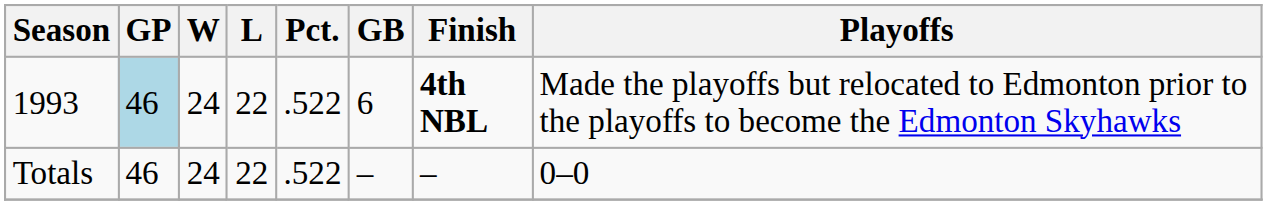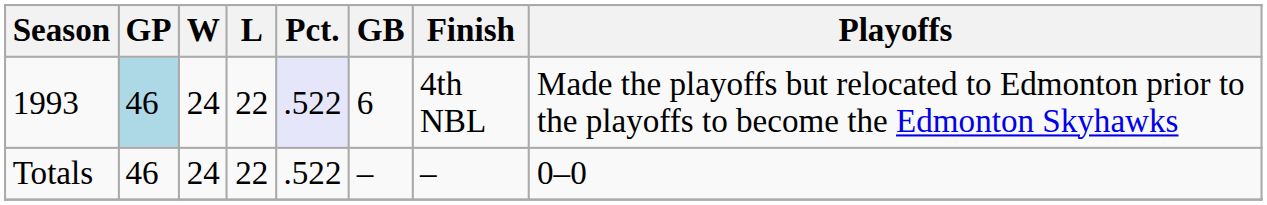 <table class="wikitable">
 <tr>
 <th>Season</th>
 <th>GP</th>
 <th>W</th>
 <th>L</th>
 <th>Pct.</th>
 <th>GB</th>
 <th>Finish</th>
 <th>Playoffs</th>
 </tr>
 <tr>
 <td>1993</td>
 <td style="background: lightblue;">46</td>
 <td>24</td>
 <td>22</td>
-<td>.522</td>
+<td style="background: lavender;">.522</td>
 <td>6</td>
-<td><strong>4th NBL</strong></td>
+<td>4th NBL</td>
 <td>Made the playoffs but relocated to Edmonton prior to the playoffs to become the <a href='#'>Edmonton Skyhawks</a></td>
 </tr>
 <tr>
 <td>Totals</td>
 <td>46</td>
 <td>24</td>
 <td>22</td>
 <td>.522</td>
 <td>–</td>
 <td>–</td>
 <td>0–0</td>
 </tr>
 <tr>
 </tr>
 </table>
